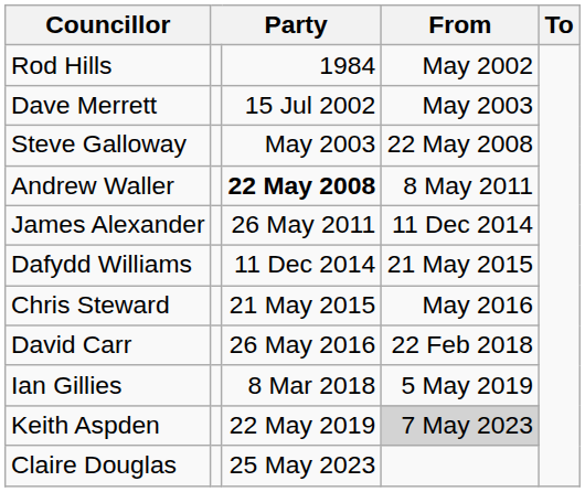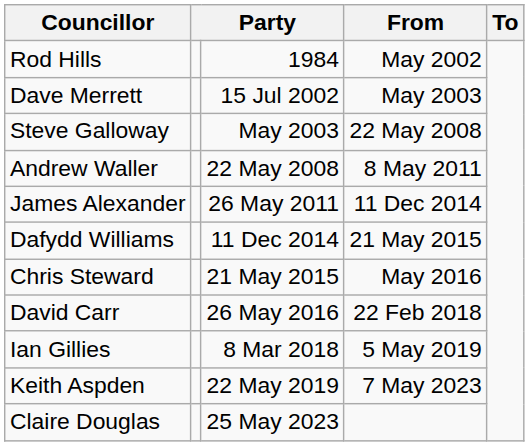 <table class=wikitable>
 <tr>
 <th>Councillor</th>
 <th colspan=2>Party</th>
 <th>From</th>
 <th>To</th>
 </tr>
 <tr>
 <td>Rod Hills</td>
 <td></td>
 <td align=right>1984</td>
 <td align=right>May 2002</td>
 </tr>
 <tr>
 <td>Dave Merrett</td>
 <td></td>
 <td align=right>15 Jul 2002</td>
 <td align=right>May 2003</td>
 </tr>
 <tr>
 <td>Steve Galloway</td>
 <td></td>
 <td align=right>May 2003</td>
 <td align=right>22 May 2008</td>
 </tr>
 <tr>
 <td>Andrew Waller</td>
 <td></td>
-<td align=right><strong>22 May 2008</strong></td>
+<td align=right>22 May 2008</td>
 <td align=right>8 May 2011</td>
 </tr>
 <tr>
 <td>James Alexander</td>
 <td></td>
 <td align=right>26 May 2011</td>
 <td align=right>11 Dec 2014</td>
 </tr>
 <tr>
 <td>Dafydd Williams</td>
 <td></td>
 <td align=right>11 Dec 2014</td>
 <td align=right>21 May 2015</td>
 </tr>
 <tr>
 <td>Chris Steward</td>
 <td></td>
 <td align=right>21 May 2015</td>
 <td align=right>May 2016</td>
 </tr>
 <tr>
 <td>David Carr</td>
 <td></td>
 <td align=right>26 May 2016</td>
 <td align=right>22 Feb 2018</td>
 </tr>
 <tr>
 <td>Ian Gillies</td>
 <td></td>
 <td align=right>8 Mar 2018</td>
 <td align=right>5 May 2019</td>
 </tr>
 <tr>
 <td>Keith Aspden</td>
 <td></td>
 <td align=right>22 May 2019</td>
-<td align=right style="background: lightgrey;">7 May 2023</td>
+<td align=right>7 May 2023</td>
 </tr>
 <tr>
 <td>Claire Douglas</td>
 <td></td>
 <td align=right>25 May 2023</td>
 <td align=right></td>
 </tr>
 </table>
